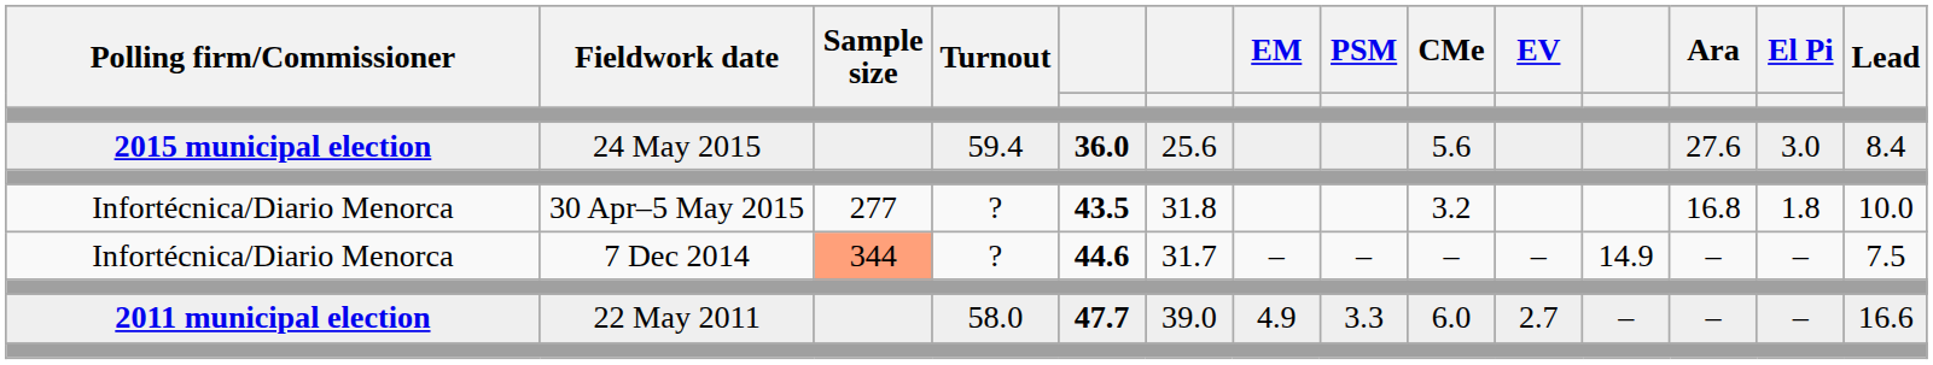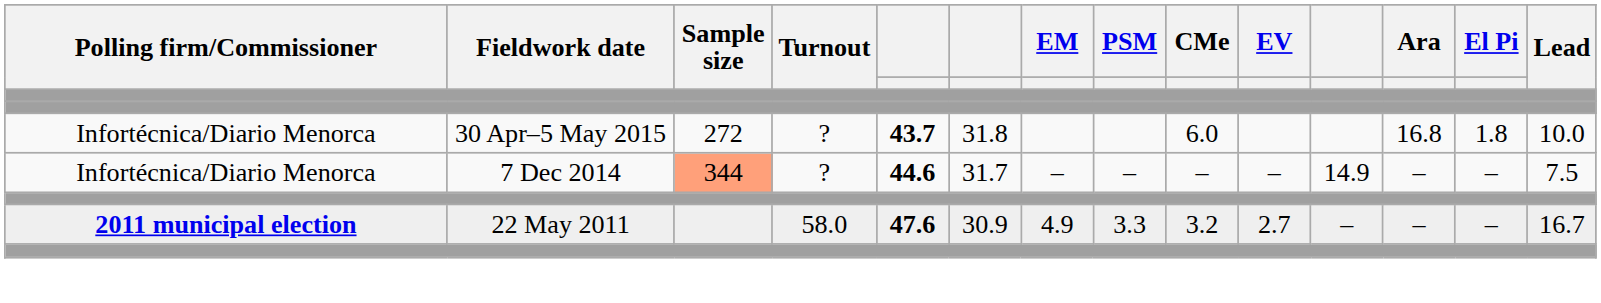 <table class="wikitable collapsible collapsed" style="text-align:center; font-size:95%; line-height:16px;">
 <tr style="height:42px;">
 <th style="width:250px;" rowspan="2">Polling firm/Commissioner</th>
 <th style="width:125px;" rowspan="2">Fieldwork date</th>
 <th style="width:50px;" rowspan="2">Sample size</th>
 <th style="width:45px;" rowspan="2">Turnout</th>
 <th style="width:35px;"></th>
 <th style="width:35px;"></th>
 <th style="width:35px;"><a href='#'>EM</a></th>
 <th style="width:35px;"><a href='#'>PSM</a></th>
 <th style="width:35px;">CMe</th>
 <th style="width:35px;"><a href='#'>EV</a></th>
 <th style="width:35px;"></th>
 <th style="width:35px;">Ara</th>
 <th style="width:35px;"><a href='#'>El Pi</a></th>
 <th style="width:30px;" rowspan="2">Lead</th>
 </tr>
 <tr>
 <th style="color:inherit;background:"></th>
 <th style="color:inherit;background:"></th>
 <th style="color:inherit;background:"></th>
 <th style="color:inherit;background:"></th>
 <th style="color:inherit;background:"></th>
 <th style="color:inherit;background:"></th>
 <th style="color:inherit;background:"></th>
 <th style="color:inherit;background:"></th>
 <th style="color:inherit;background:"></th>
 </tr>
 <tr>
 <td colspan="14" style="background:#A0A0A0"></td>
 </tr>
-<tr style="background:#EFEFEF;">
-<td><strong><a href='#'>2015 municipal election</a></strong></td>
-<td>24 May 2015</td>
-<td></td>
-<td>59.4</td>
-<td><strong>36.0</strong><br></td>
-<td>25.6<br></td>
-<td></td>
-<td></td>
-<td>5.6<br></td>
-<td></td>
-<td></td>
-<td>27.6<br></td>
-<td>3.0<br></td>
-<td style="background:">8.4</td>
-</tr>
 <tr>
 <td colspan="14" style="background:#A0A0A0"></td>
 </tr>
 <tr>
 <td>Infortécnica/Diario Menorca</td>
 <td>30 Apr–5 May 2015</td>
-<td>277</td>
+<td>272</td>
 <td>?</td>
-<td><strong>43.5</strong><br></td>
+<td><strong>43.7</strong><br></td>
 <td>31.8<br></td>
 <td></td>
 <td></td>
-<td>3.2<br></td>
+<td>6.0<br></td>
 <td></td>
 <td></td>
 <td>16.8<br></td>
 <td>1.8<br></td>
 <td style="background:">10.0</td>
 </tr>
 <tr>
 <td>Infortécnica/Diario Menorca</td>
 <td>7 Dec 2014</td>
 <td style="background: lightsalmon;">344</td>
 <td>?</td>
 <td><strong>44.6</strong><br></td>
 <td>31.7<br></td>
 <td>–</td>
 <td>–</td>
 <td>–</td>
 <td>–</td>
 <td>14.9<br></td>
 <td>–</td>
 <td>–</td>
 <td style="background:">7.5</td>
 </tr>
 <tr>
 <td colspan="14" style="background:#A0A0A0"></td>
 </tr>
 <tr style="background:#EFEFEF;">
 <td><strong><a href='#'>2011 municipal election</a></strong></td>
 <td>22 May 2011</td>
 <td></td>
 <td>58.0</td>
-<td><strong>47.7</strong><br></td>
-<td>39.0<br></td>
+<td><strong>47.6</strong><br></td>
+<td>30.9<br></td>
 <td>4.9<br></td>
 <td>3.3<br></td>
-<td>6.0<br></td>
+<td>3.2<br></td>
 <td>2.7<br></td>
 <td>–</td>
 <td>–</td>
 <td>–</td>
-<td style="background:">16.6</td>
+<td style="background:">16.7</td>
 </tr>
 <tr>
 <td colspan="14" style="background:#A0A0A0"></td>
 </tr>
 </table>
